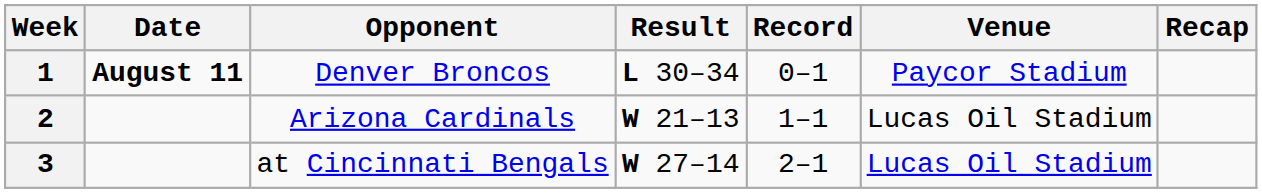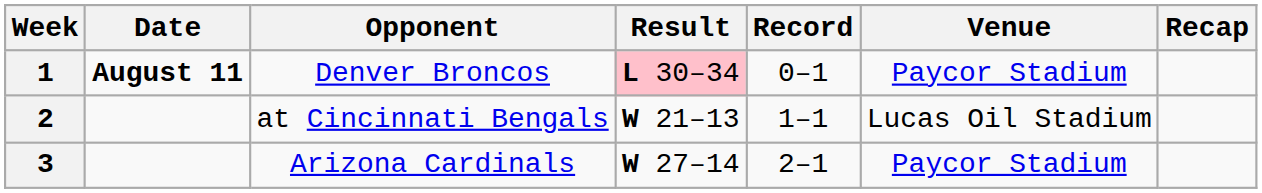 <table class="wikitable" style="text-align:center">
 <tr>
 <th>Week</th>
 <th>Date</th>
 <th>Opponent</th>
 <th>Result</th>
 <th>Record</th>
 <th>Venue</th>
 <th>Recap</th>
 </tr>
 <tr>
 <th>1</th>
 <td><strong>August 11</strong></td>
 <td><a href='#'>Denver Broncos</a></td>
-<td><strong>L</strong> 30–34</td>
+<td style="background: pink;"><strong>L</strong> 30–34</td>
 <td>0–1</td>
 <td><a href='#'>Paycor Stadium</a></td>
 <td></td>
 </tr>
 <tr>
 <th>2</th>
 <td></td>
-<td><a href='#'>Arizona Cardinals</a></td>
+<td>at <a href='#'>Cincinnati Bengals</a></td>
 <td><strong>W</strong> 21–13</td>
 <td>1–1</td>
 <td>Lucas Oil Stadium</td>
 <td></td>
 </tr>
 <tr>
 <th>3</th>
 <td></td>
-<td>at <a href='#'>Cincinnati Bengals</a></td>
+<td><a href='#'>Arizona Cardinals</a></td>
 <td><strong>W</strong> 27–14</td>
 <td>2–1</td>
-<td><a href='#'>Lucas Oil Stadium</a></td>
+<td><a href='#'>Paycor Stadium</a></td>
 <td></td>
 </tr>
 </table>
